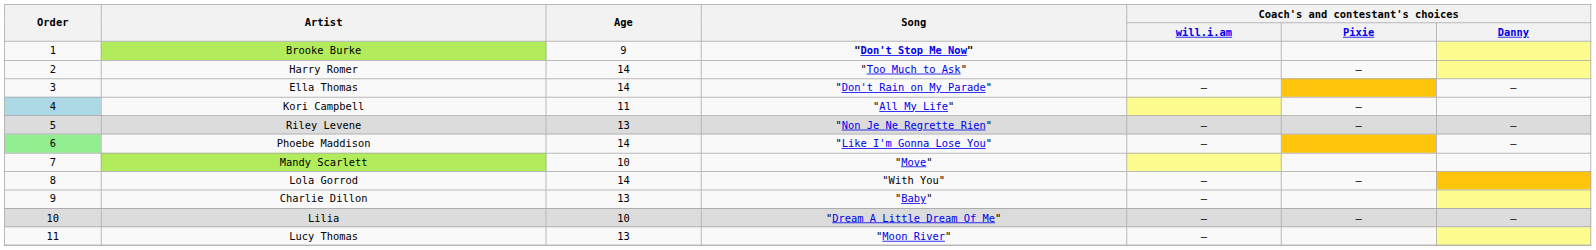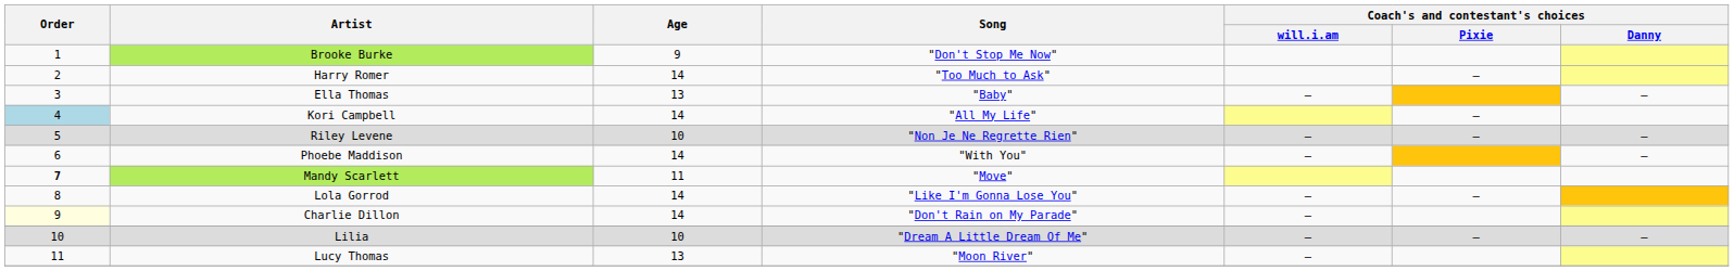 <table class="wikitable" style="text-align:center; line-height:17px; font-size:100%; width:100%;">
 <tr>
 <th scope="col" rowspan="2" width="05%">Order</th>
 <th scope="col" rowspan="2" width="23%">Artist</th>
 <th scope="col" rowspan="2" width="08%">Age</th>
 <th scope="col" rowspan="2" width="22%">Song</th>
 <th scope="col" colspan="3" width="24%">Coach's and contestant's choices</th>
 </tr>
 <tr>
 <th width="08%"><a href='#'>will.i.am</a></th>
 <th width="08%"><a href='#'>Pixie</a></th>
 <th width="08%"><a href='#'>Danny</a></th>
 </tr>
 <tr>
 <td scope="row">1</td>
 <td style="background-color:#B2EC5D;">Brooke Burke</td>
 <td>9</td>
-<td><strong>"<a href='#'>Don't Stop Me Now</a>"</strong></td>
+<td>"<a href='#'>Don't Stop Me Now</a>"</td>
 <td><strong></strong></td>
 <td><strong></strong></td>
 <td style="background:#fdfc8f;"><strong></strong></td>
 </tr>
 <tr>
 <td scope="row">2</td>
 <td>Harry Romer</td>
 <td>14</td>
 <td>"<a href='#'>Too Much to Ask</a>"</td>
 <td><strong></strong></td>
 <td>—</td>
 <td style="background:#fdfc8f;"><strong></strong></td>
 </tr>
 <tr>
 <td scope="row">3</td>
 <td>Ella Thomas</td>
-<td>14</td>
-<td>"<a href='#'>Don't Rain on My Parade</a>"</td>
+<td>13</td>
+<td>"<a href='#'>Baby</a>"</td>
 <td>—</td>
 <td style="background:#FFC40C;"><strong></strong></td>
 <td>—</td>
 </tr>
 <tr>
 <td scope="row" style="background: lightblue;">4</td>
 <td>Kori Campbell</td>
-<td>11</td>
+<td>14</td>
 <td>"<a href='#'>All My Life</a>"</td>
 <td style="background:#fdfc8f;"><strong></strong></td>
 <td>—</td>
 <td><strong></strong></td>
 </tr>
 <tr bgcolor=#DCDCDC>
 <td scope="row">5</td>
 <td>Riley Levene</td>
-<td>13</td>
+<td>10</td>
 <td>"<a href='#'>Non Je Ne Regrette Rien</a>"</td>
 <td>—</td>
 <td>—</td>
 <td>—</td>
 </tr>
 <tr>
-<td scope="row" style="background: lightgreen;">6</td>
+<td scope="row">6</td>
 <td>Phoebe Maddison</td>
 <td>14</td>
-<td>"<a href='#'>Like I'm Gonna Lose You</a>"</td>
+<td>"With You"</td>
 <td>—</td>
 <td style="background:#FFC40C;"><strong></strong></td>
 <td>—</td>
 </tr>
 <tr>
-<td scope=“row”>7</td>
+<td scope=“row”><strong>7</strong></td>
 <td style="background-color:#B2EC5D;">Mandy Scarlett</td>
-<td>10</td>
+<td>11</td>
 <td>"<a href='#'>Move</a>"</td>
 <td style="background:#fdfc8f;"><strong></strong></td>
 <td><strong></strong></td>
 <td><strong></strong></td>
 </tr>
 <tr>
 <td scope=“row”>8</td>
 <td>Lola Gorrod</td>
 <td>14</td>
-<td>"With You"</td>
+<td>"<a href='#'>Like I'm Gonna Lose You</a>"</td>
 <td>—</td>
 <td>—</td>
 <td style="background:#FFC40C;"><strong></strong></td>
 </tr>
 <tr>
-<td scope=“row”>9</td>
+<td scope=“row” style="background: lightyellow;">9</td>
 <td>Charlie Dillon</td>
-<td>13</td>
-<td>"<a href='#'>Baby</a>"</td>
+<td>14</td>
+<td>"<a href='#'>Don't Rain on My Parade</a>"</td>
 <td>—</td>
 <td><strong></strong></td>
 <td style="background:#fdfc8f;"><strong></strong></td>
 </tr>
 <tr>
 </tr>
 <tr bgcolor=#DCDCDC>
 <td scope=“row”>10</td>
 <td>Lilia</td>
 <td>10</td>
 <td>"<a href='#'>Dream A Little Dream Of Me</a>"</td>
 <td>—</td>
 <td>—</td>
 <td>—</td>
 </tr>
 <tr>
 <td scope=“row”>11</td>
 <td>Lucy Thomas</td>
 <td>13</td>
 <td>"<a href='#'>Moon River</a>"</td>
 <td>—</td>
 <td><strong></strong></td>
 <td style="background:#fdfc8f;"><strong></strong></td>
 </tr>
 <tr>
 </tr>
 </table>
